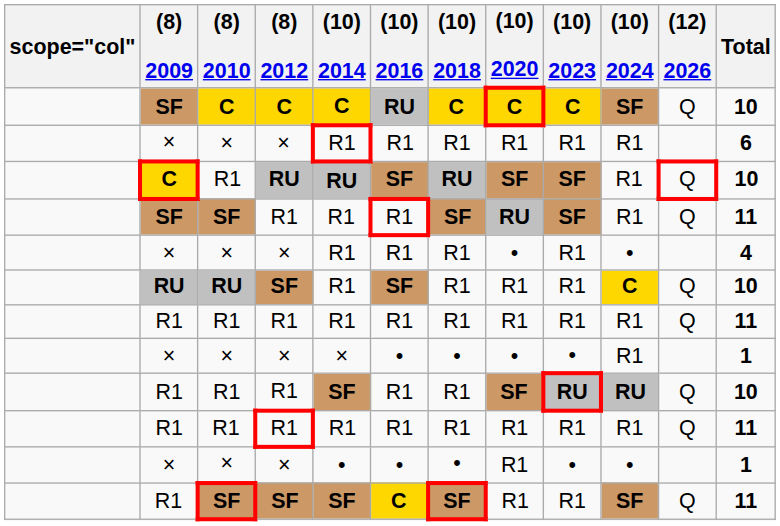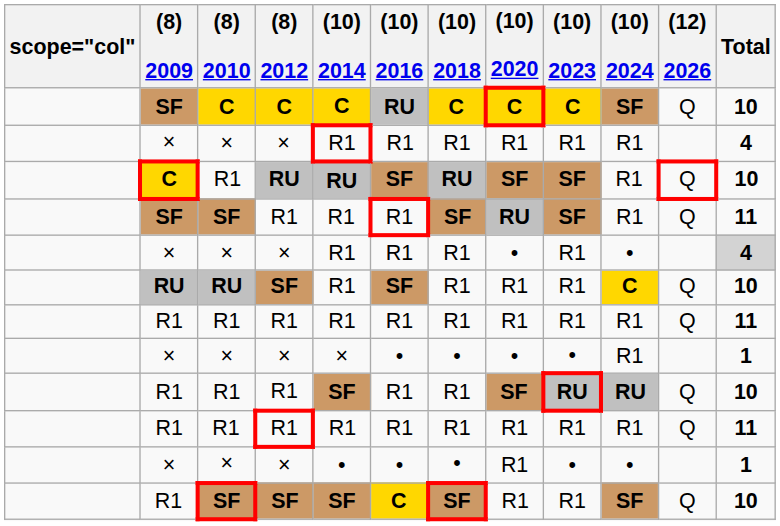 <table class="wikitable" style="text-align: center">
 <tr>
 <th>scope="col" </th>
 <th>(8)<br><br><a href='#'>2009</a></th>
 <th>(8)<br><br><a href='#'>2010</a></th>
 <th>(8)<br><br><a href='#'>2012</a></th>
 <th>(10)<br><br><a href='#'>2014</a></th>
 <th>(10)<br><br><a href='#'>2016</a></th>
 <th>(10)<br><br><a href='#'>2018</a></th>
 <th>(10)<br><br><a href='#'>2020</a></th>
 <th>(10)<br><br><a href='#'>2023</a></th>
 <th>(10)<br><br><a href='#'>2024</a></th>
 <th>(12)<br><br><a href='#'>2026</a></th>
 <th>Total</th>
 </tr>
 <tr>
 <td id=AUS"" align=left></td>
 <td bgcolor="#cc9966"><strong>SF</strong></td>
 <td bgcolor=gold><strong>C</strong></td>
 <td bgcolor=gold><strong>C</strong></td>
 <td bgcolor=gold><strong>C</strong></td>
 <td bgcolor=silver><strong>RU</strong></td>
 <td bgcolor=gold><strong>C</strong></td>
 <td style="border: 3px solid red;background:gold"><strong>C</strong></td>
 <td bgcolor=gold><strong>C</strong></td>
 <td bgcolor="#cc9966"><strong>SF</strong></td>
 <td>Q</td>
 <td><strong>10</strong></td>
 </tr>
 <tr>
 <td id="" align=left></td>
 <td>×</td>
 <td>×</td>
 <td>×</td>
 <td style="border: 3px solid red">R1</td>
 <td>R1</td>
 <td>R1</td>
 <td>R1</td>
 <td>R1</td>
 <td>R1</td>
 <td></td>
-<td><strong>6</strong></td>
+<td><strong>4</strong></td>
 </tr>
 <tr>
 <td id="" align=left></td>
 <td style="border: 3px solid red;background:gold"><strong>C</strong></td>
 <td>R1</td>
 <td bgcolor=silver><strong>RU</strong></td>
 <td bgcolor=silver><strong>RU</strong></td>
 <td bgcolor="#cc9966"><strong>SF</strong></td>
 <td bgcolor=silver><strong>RU</strong></td>
 <td bgcolor="#cc9966"><strong>SF</strong></td>
 <td bgcolor="#cc9966"><strong>SF</strong></td>
 <td>R1</td>
 <td style="border: 3px solid red">Q</td>
 <td><strong>10</strong></td>
 </tr>
 <tr>
 <td id="" align=left></td>
 <td bgcolor="#cc9966"><strong>SF</strong></td>
 <td bgcolor="#cc9966"><strong>SF</strong></td>
 <td>R1</td>
 <td>R1</td>
 <td style="border: 3px solid red">R1</td>
 <td bgcolor="#cc9966"><strong>SF</strong></td>
 <td bgcolor=silver><strong>RU</strong></td>
 <td bgcolor="#cc9966"><strong>SF</strong></td>
 <td>R1</td>
 <td>Q</td>
 <td><strong>11</strong></td>
 </tr>
 <tr>
 <td id="" align=left></td>
 <td>×</td>
 <td>×</td>
 <td>×</td>
 <td>R1</td>
 <td>R1</td>
 <td>R1</td>
 <td>•</td>
 <td>R1</td>
 <td>•</td>
 <td></td>
-<td><strong>4</strong></td>
+<td style="background: lightgrey;"><strong>4</strong></td>
 </tr>
 <tr>
 <td id="" align=left></td>
 <td bgcolor=silver><strong>RU</strong></td>
 <td bgcolor=silver><strong>RU</strong></td>
 <td bgcolor="#cc9966"><strong>SF</strong></td>
 <td>R1</td>
 <td bgcolor="#cc9966"><strong>SF</strong></td>
 <td>R1</td>
 <td>R1</td>
 <td>R1</td>
 <td bgcolor=gold><strong>C</strong></td>
 <td>Q</td>
 <td><strong>10</strong></td>
 </tr>
 <tr>
 <td id="" align=left></td>
 <td>R1</td>
 <td>R1</td>
 <td>R1</td>
 <td>R1</td>
 <td>R1</td>
 <td>R1</td>
 <td>R1</td>
 <td>R1</td>
 <td>R1</td>
 <td>Q</td>
 <td><strong>11</strong></td>
 </tr>
 <tr>
 <td id="" align=left></td>
 <td>×</td>
 <td>×</td>
 <td>×</td>
 <td>×</td>
 <td>•</td>
 <td>•</td>
 <td>•</td>
 <td>•</td>
 <td>R1</td>
 <td></td>
 <td><strong>1</strong></td>
 </tr>
 <tr>
 <td id="" align=left></td>
 <td>R1</td>
 <td>R1</td>
 <td>R1</td>
 <td bgcolor="#cc9966"><strong>SF</strong></td>
 <td>R1</td>
 <td>R1</td>
 <td bgcolor="#cc9966"><strong>SF</strong></td>
 <td style="border: 3px solid red;background:silver"><strong>RU</strong></td>
 <td bgcolor=silver><strong>RU</strong></td>
 <td>Q</td>
 <td><strong>10</strong></td>
 </tr>
 <tr>
 <td id="" align=left></td>
 <td>R1</td>
 <td>R1</td>
 <td style="border: 3px solid red">R1</td>
 <td>R1</td>
 <td>R1</td>
 <td>R1</td>
 <td>R1</td>
 <td>R1</td>
 <td>R1</td>
 <td>Q</td>
 <td><strong>11</strong></td>
 </tr>
 <tr>
 <td id="" align=left></td>
 <td>×</td>
 <td>×</td>
 <td>×</td>
 <td>•</td>
 <td>•</td>
 <td>•</td>
 <td>R1</td>
 <td>•</td>
 <td>•</td>
 <td></td>
 <td><strong>1</strong></td>
 </tr>
 <tr>
 <td id="" align=left></td>
 <td>R1</td>
 <td style="border: 3px solid red;background:#cc9966"><strong>SF</strong></td>
 <td bgcolor="#cc9966"><strong>SF</strong></td>
 <td bgcolor="#cc9966"><strong>SF</strong></td>
 <td bgcolor=gold><strong>C</strong></td>
 <td style="border: 3px solid red;background:#cc9966"><strong>SF</strong></td>
 <td>R1</td>
 <td>R1</td>
 <td bgcolor="#cc9966"><strong>SF</strong></td>
 <td>Q</td>
-<td><strong>11</strong></td>
+<td><strong>10</strong></td>
 </tr>
 </table>
